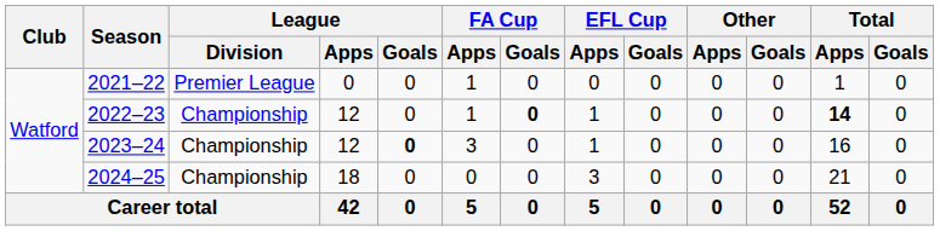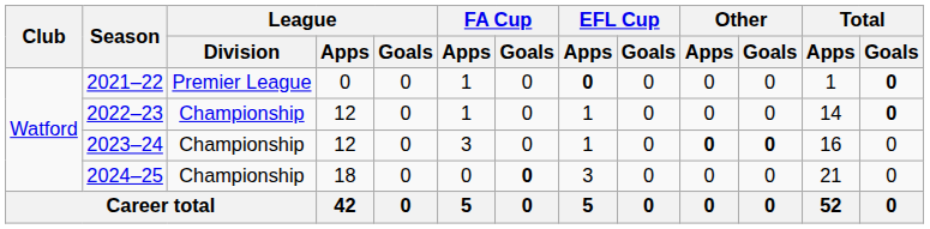 <table class=wikitable style=text-align:center>
 <tr>
 <th rowspan="2">Club</th>
 <th rowspan="2">Season</th>
 <th colspan="3">League</th>
 <th colspan="2"><a href='#'>FA Cup</a></th>
 <th colspan="2"><a href='#'>EFL Cup</a></th>
 <th colspan="2">Other</th>
 <th colspan="2">Total</th>
 </tr>
 <tr>
 <th>Division</th>
 <th>Apps</th>
 <th>Goals</th>
 <th>Apps</th>
 <th>Goals</th>
 <th>Apps</th>
 <th>Goals</th>
 <th>Apps</th>
 <th>Goals</th>
 <th>Apps</th>
 <th>Goals</th>
 </tr>
 <tr>
 <td rowspan="4"><a href='#'>Watford</a></td>
 <td><a href='#'>2021–22</a></td>
 <td><a href='#'>Premier League</a></td>
 <td>0</td>
 <td>0</td>
 <td>1</td>
 <td>0</td>
-<td>0</td>
+<td><strong>0</strong></td>
 <td>0</td>
 <td>0</td>
 <td>0</td>
 <td>1</td>
-<td>0</td>
+<td><strong>0</strong></td>
 </tr>
 <tr>
 <td><a href='#'>2022–23</a></td>
 <td><a href='#'>Championship</a></td>
 <td>12</td>
 <td>0</td>
 <td>1</td>
-<td><strong>0</strong></td>
+<td>0</td>
 <td>1</td>
 <td>0</td>
 <td>0</td>
 <td>0</td>
-<td><strong>14</strong></td>
-<td>0</td>
+<td>14</td>
+<td><strong>0</strong></td>
 </tr>
 <tr>
 <td><a href='#'>2023–24</a></td>
 <td>Championship</td>
 <td>12</td>
-<td><strong>0</strong></td>
+<td>0</td>
 <td>3</td>
 <td>0</td>
 <td>1</td>
 <td>0</td>
-<td>0</td>
-<td>0</td>
+<td><strong>0</strong></td>
+<td><strong>0</strong></td>
 <td>16</td>
 <td>0</td>
 </tr>
 <tr>
 <td><a href='#'>2024–25</a></td>
 <td>Championship</td>
 <td>18</td>
 <td>0</td>
 <td>0</td>
-<td>0</td>
+<td><strong>0</strong></td>
 <td>3</td>
 <td>0</td>
 <td>0</td>
 <td>0</td>
 <td>21</td>
 <td>0</td>
 </tr>
 <tr>
 <th colspan="3">Career total</th>
 <th>42</th>
 <th>0</th>
 <th>5</th>
 <th>0</th>
 <th>5</th>
 <th>0</th>
 <th>0</th>
 <th>0</th>
 <th>52</th>
 <th>0</th>
 </tr>
 </table>
